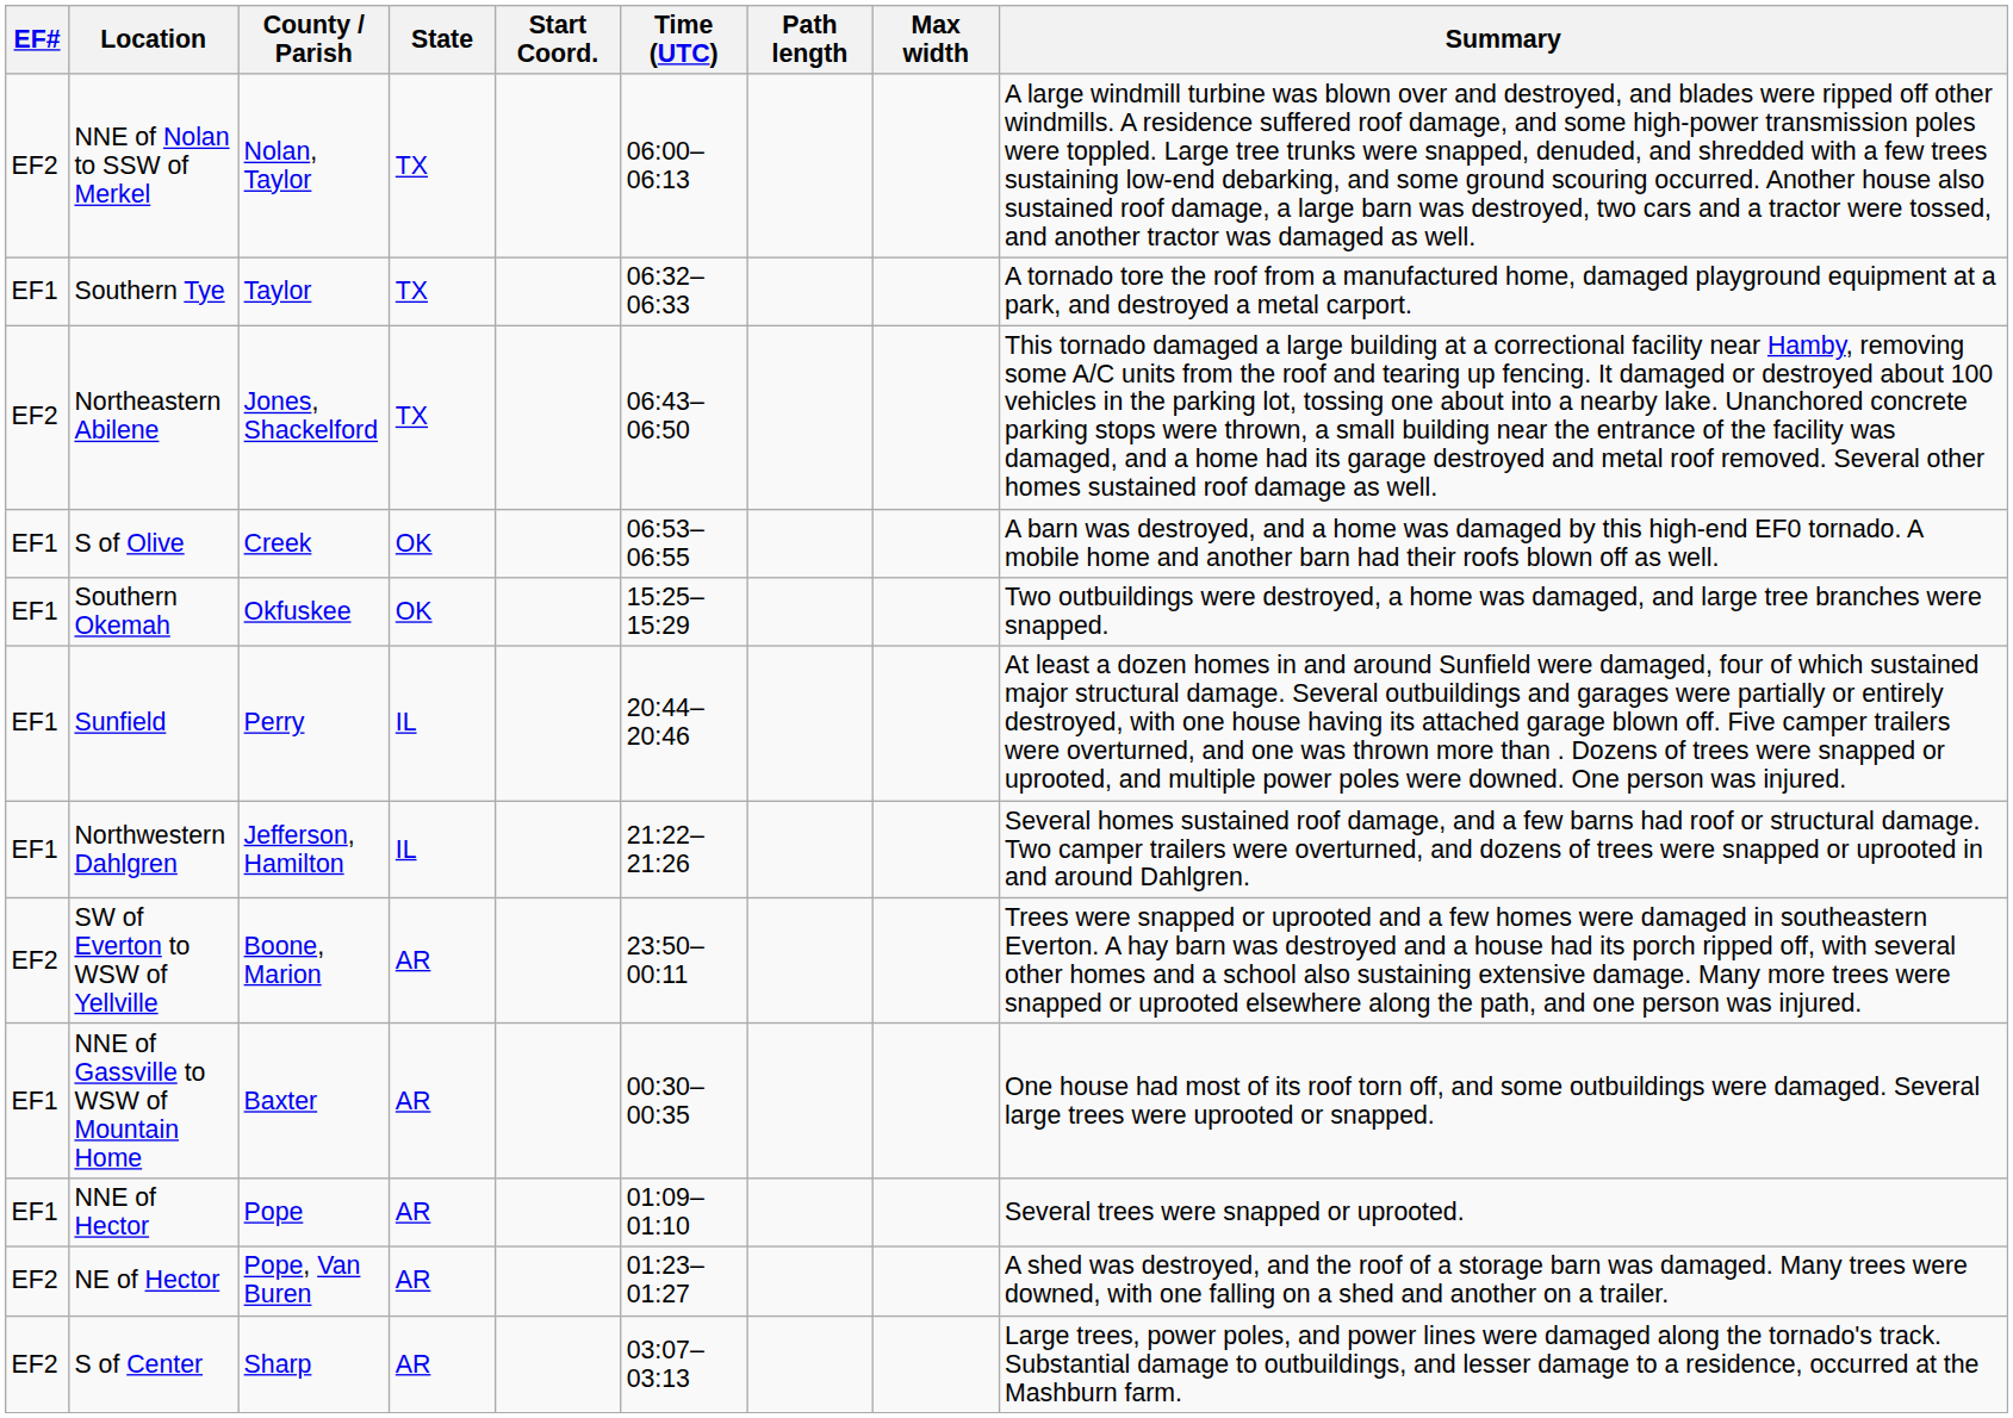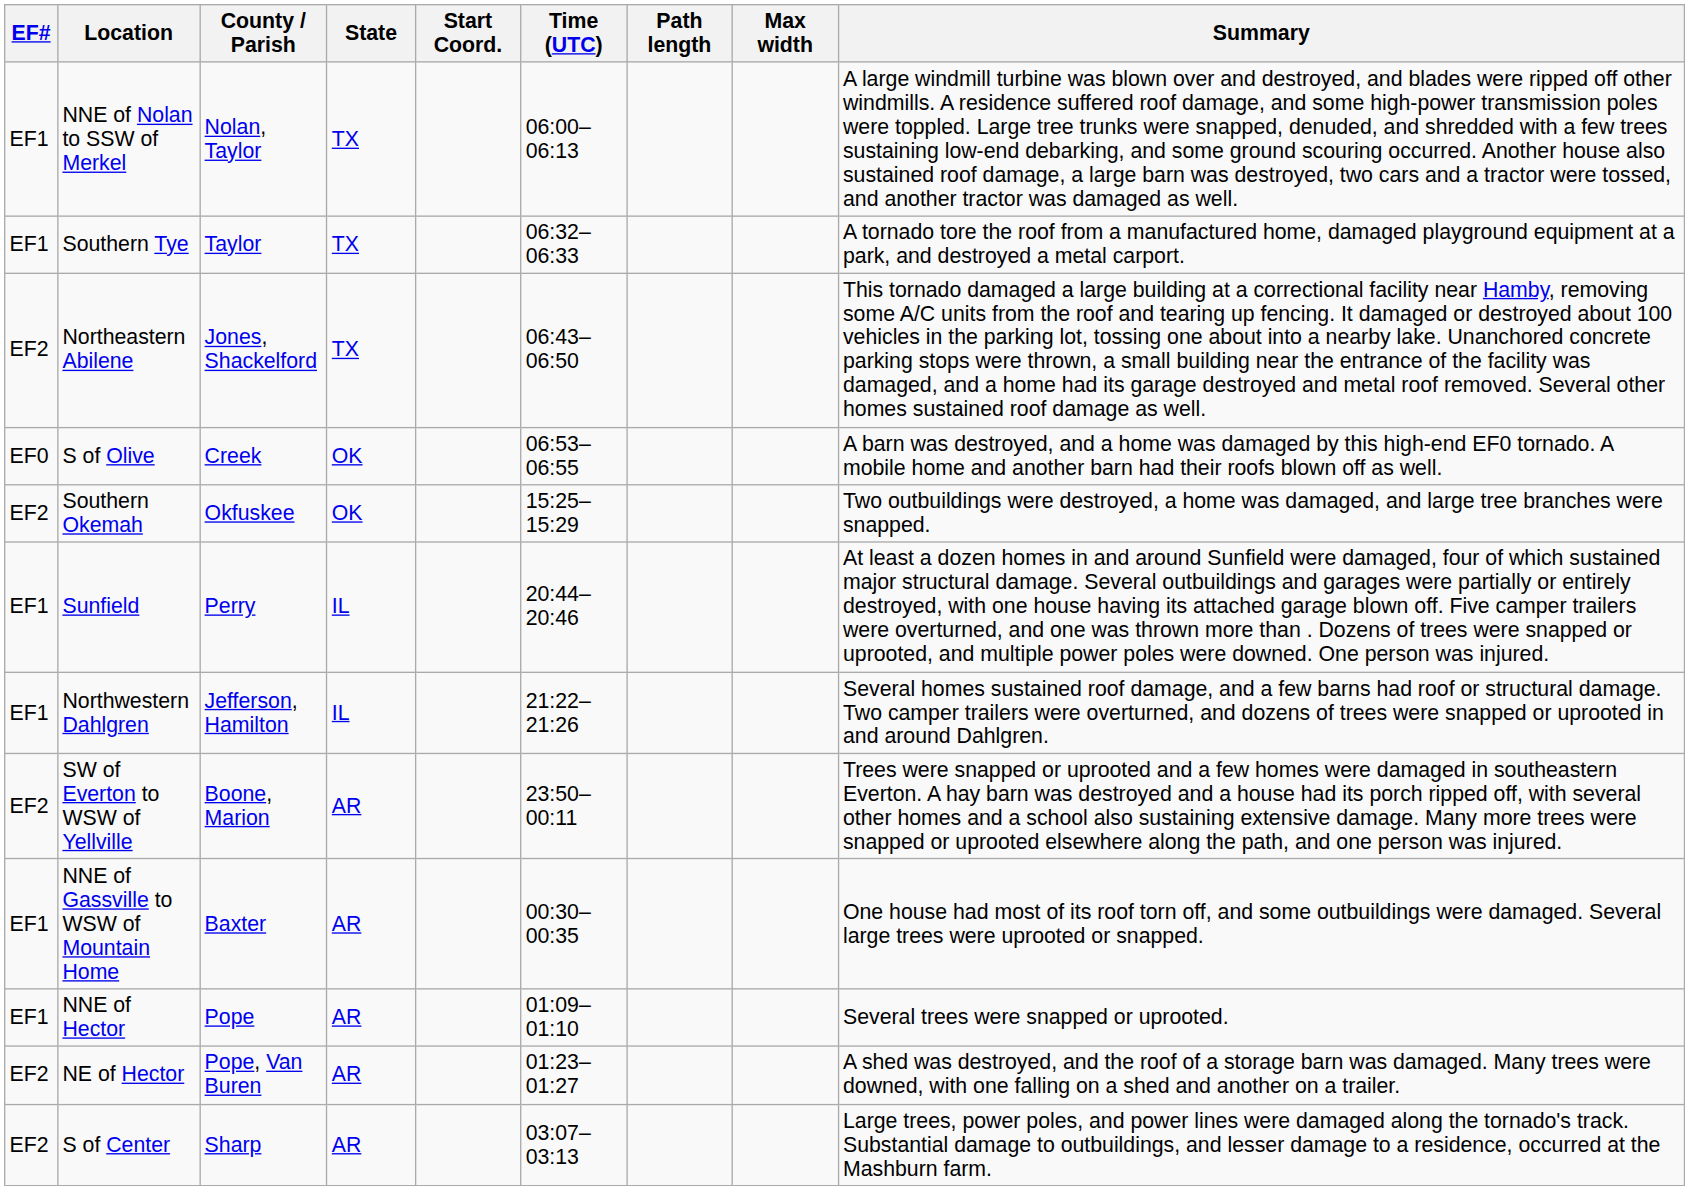 <table class="wikitable sortable" style="width:100%;">
 <tr>
 <th scope="col"  style="width:3%; text-align:center;"><a href='#'>EF#</a></th>
 <th scope="col"  style="width:7%; text-align:center;" class="unsortable">Location</th>
 <th scope="col"  style="width:6%; text-align:center;" class="unsortable">County / Parish</th>
 <th scope="col"  style="width:5%; text-align:center;">State</th>
 <th scope="col"  style="width:6%; text-align:center;">Start Coord.</th>
 <th scope="col"  style="width:6%; text-align:center;">Time (<a href='#'>UTC</a>)</th>
 <th scope="col"  style="width:6%; text-align:center;">Path length</th>
 <th scope="col"  style="width:6%; text-align:center;">Max width</th>
 <th scope="col" class="unsortable" style="width:48%; text-align:center;">Summary</th>
 </tr>
 <tr>
-<td>EF2</td>
+<td>EF1</td>
 <td>NNE of <a href='#'>Nolan</a> to SSW of <a href='#'>Merkel</a></td>
 <td><a href='#'>Nolan</a>, <a href='#'>Taylor</a></td>
 <td><a href='#'>TX</a></td>
 <td></td>
 <td>06:00–06:13</td>
 <td></td>
 <td></td>
 <td>A large windmill turbine was blown over and destroyed, and blades were ripped off other windmills. A residence suffered roof damage, and some high-power transmission poles were toppled. Large tree trunks were snapped, denuded, and shredded with a few trees sustaining low-end debarking, and some ground scouring occurred. Another house also sustained roof damage, a large barn was destroyed, two cars and a tractor were tossed, and another tractor was damaged as well.</td>
 </tr>
 <tr>
 <td>EF1</td>
 <td>Southern <a href='#'>Tye</a></td>
 <td><a href='#'>Taylor</a></td>
 <td><a href='#'>TX</a></td>
 <td></td>
 <td>06:32–06:33</td>
 <td></td>
 <td></td>
 <td>A tornado tore the roof from a manufactured home, damaged playground equipment at a park, and destroyed a metal carport.</td>
 </tr>
 <tr>
 <td>EF2</td>
 <td>Northeastern <a href='#'>Abilene</a></td>
 <td><a href='#'>Jones</a>, <a href='#'>Shackelford</a></td>
 <td><a href='#'>TX</a></td>
 <td></td>
 <td>06:43–06:50</td>
 <td></td>
 <td></td>
 <td>This tornado damaged a large building at a correctional facility near <a href='#'>Hamby</a>, removing some A/C units from the roof and tearing up fencing. It damaged or destroyed about 100 vehicles in the parking lot, tossing one about  into a nearby lake. Unanchored concrete parking stops were thrown, a small building near the entrance of the facility was damaged, and a home had its garage destroyed and metal roof removed. Several other homes sustained roof damage as well.</td>
 </tr>
 <tr>
-<td>EF1</td>
+<td>EF0</td>
 <td>S of <a href='#'>Olive</a></td>
 <td><a href='#'>Creek</a></td>
 <td><a href='#'>OK</a></td>
 <td></td>
 <td>06:53–06:55</td>
 <td></td>
 <td></td>
 <td>A barn was destroyed, and a home was damaged by this high-end EF0 tornado. A mobile home and another barn had their roofs blown off as well.</td>
 </tr>
 <tr>
-<td>EF1</td>
+<td>EF2</td>
 <td>Southern <a href='#'>Okemah</a></td>
 <td><a href='#'>Okfuskee</a></td>
 <td><a href='#'>OK</a></td>
 <td></td>
 <td>15:25–15:29</td>
 <td></td>
 <td></td>
 <td>Two outbuildings were destroyed, a home was damaged, and large tree branches were snapped.</td>
 </tr>
 <tr>
 <td>EF1</td>
 <td><a href='#'>Sunfield</a></td>
 <td><a href='#'>Perry</a></td>
 <td><a href='#'>IL</a></td>
 <td></td>
 <td>20:44–20:46</td>
 <td></td>
 <td></td>
 <td>At least a dozen homes in and around Sunfield were damaged, four of which sustained major structural damage. Several outbuildings and garages were partially or entirely destroyed, with one house having its attached garage blown off. Five camper trailers were overturned, and one was thrown more than . Dozens of trees were snapped or uprooted, and multiple power poles were downed. One person was injured.</td>
 </tr>
 <tr>
 <td>EF1</td>
 <td>Northwestern <a href='#'>Dahlgren</a></td>
 <td><a href='#'>Jefferson</a>, <a href='#'>Hamilton</a></td>
 <td><a href='#'>IL</a></td>
 <td></td>
 <td>21:22–21:26</td>
 <td></td>
 <td></td>
 <td>Several homes sustained roof damage, and a few barns had roof or structural damage. Two camper trailers were overturned, and dozens of trees were snapped or uprooted in and around Dahlgren.</td>
 </tr>
 <tr>
 <td>EF2</td>
 <td>SW of <a href='#'>Everton</a> to WSW of <a href='#'>Yellville</a></td>
 <td><a href='#'>Boone</a>, <a href='#'>Marion</a></td>
 <td><a href='#'>AR</a></td>
 <td></td>
 <td>23:50–00:11</td>
 <td></td>
 <td></td>
 <td>Trees were snapped or uprooted and a few homes were damaged in southeastern Everton. A hay barn was destroyed and a house had its porch ripped off, with several other homes and a school also sustaining extensive damage. Many more trees were snapped or uprooted elsewhere along the path, and one person was injured.</td>
 </tr>
 <tr>
 <td>EF1</td>
 <td>NNE of <a href='#'>Gassville</a> to WSW of <a href='#'>Mountain Home</a></td>
 <td><a href='#'>Baxter</a></td>
 <td><a href='#'>AR</a></td>
 <td></td>
 <td>00:30–00:35</td>
 <td></td>
 <td></td>
 <td>One house had most of its roof torn off, and some outbuildings were damaged. Several large trees were uprooted or snapped.</td>
 </tr>
 <tr>
 <td>EF1</td>
 <td>NNE of <a href='#'>Hector</a></td>
 <td><a href='#'>Pope</a></td>
 <td><a href='#'>AR</a></td>
 <td></td>
 <td>01:09–01:10</td>
 <td></td>
 <td></td>
 <td>Several trees were snapped or uprooted.</td>
 </tr>
 <tr>
 <td>EF2</td>
 <td>NE of <a href='#'>Hector</a></td>
 <td><a href='#'>Pope</a>, <a href='#'>Van Buren</a></td>
 <td><a href='#'>AR</a></td>
 <td></td>
 <td>01:23–01:27</td>
 <td></td>
 <td></td>
 <td>A shed was destroyed, and the roof of a storage barn was damaged. Many trees were downed, with one falling on a shed and another on a trailer.</td>
 </tr>
 <tr>
 <td>EF2</td>
 <td>S of <a href='#'>Center</a></td>
 <td><a href='#'>Sharp</a></td>
 <td><a href='#'>AR</a></td>
 <td></td>
 <td>03:07–03:13</td>
 <td></td>
 <td></td>
 <td>Large trees, power poles, and power lines were damaged along the tornado's track. Substantial damage to outbuildings, and lesser damage to a residence, occurred at the Mashburn farm.</td>
 </tr>
 <tr>
 </tr>
 </table>
